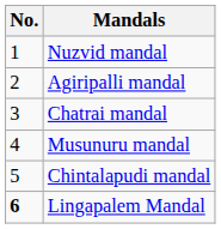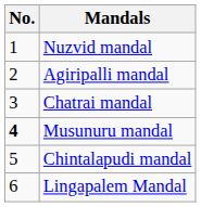 <table class="wikitable">
 <tr>
 <th>No.</th>
 <th>Mandals</th>
 </tr>
 <tr>
 <td>1</td>
 <td><a href='#'>Nuzvid mandal</a></td>
 </tr>
 <tr>
 <td>2</td>
 <td><a href='#'>Agiripalli mandal</a></td>
 </tr>
 <tr>
 <td>3</td>
 <td><a href='#'>Chatrai mandal</a></td>
 </tr>
 <tr>
-<td>4</td>
+<td><strong>4</strong></td>
 <td><a href='#'>Musunuru mandal</a></td>
 </tr>
 <tr>
 <td>5</td>
 <td><a href='#'>Chintalapudi mandal</a></td>
 </tr>
 <tr>
-<td><strong>6</strong></td>
+<td>6</td>
 <td><a href='#'>Lingapalem Mandal</a></td>
 </tr>
 </table>
